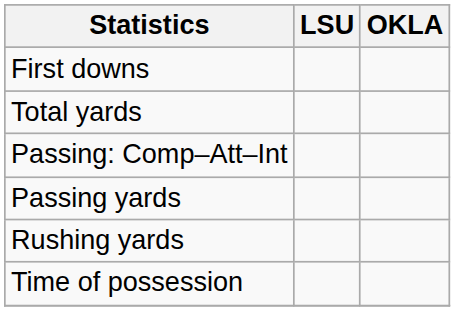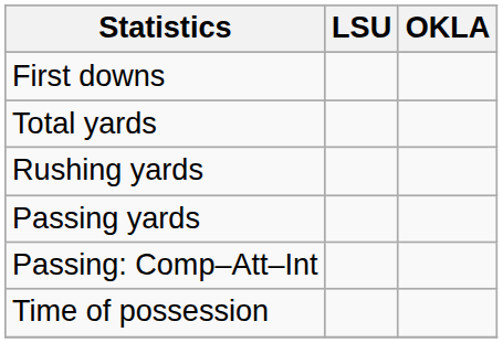 <table class="wikitable" style="float: left;">
 <tr>
 <th>Statistics</th>
 <th>LSU</th>
 <th>OKLA</th>
 </tr>
 <tr>
 <td>First downs</td>
 <td></td>
 <td></td>
 </tr>
 <tr>
 <td>Total yards</td>
 <td></td>
 <td></td>
 </tr>
 <tr>
-<td>Passing: Comp–Att–Int</td>
+<td>Rushing yards</td>
 <td></td>
 <td></td>
 </tr>
 <tr>
 <td>Passing yards</td>
 <td></td>
 <td></td>
 </tr>
 <tr>
-<td>Rushing yards</td>
+<td>Passing: Comp–Att–Int</td>
 <td></td>
 <td></td>
 </tr>
 <tr>
 <td>Time of possession</td>
 <td></td>
 <td></td>
 </tr>
 <tr>
 </tr>
 </table>
